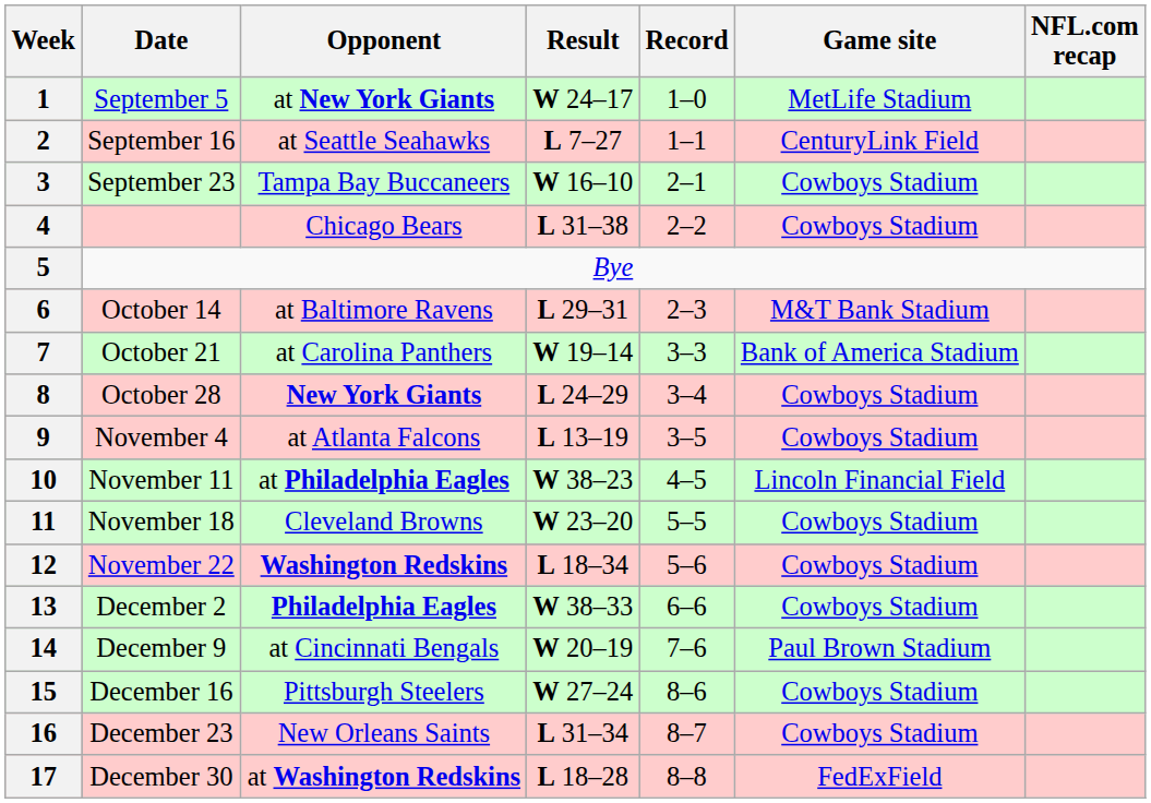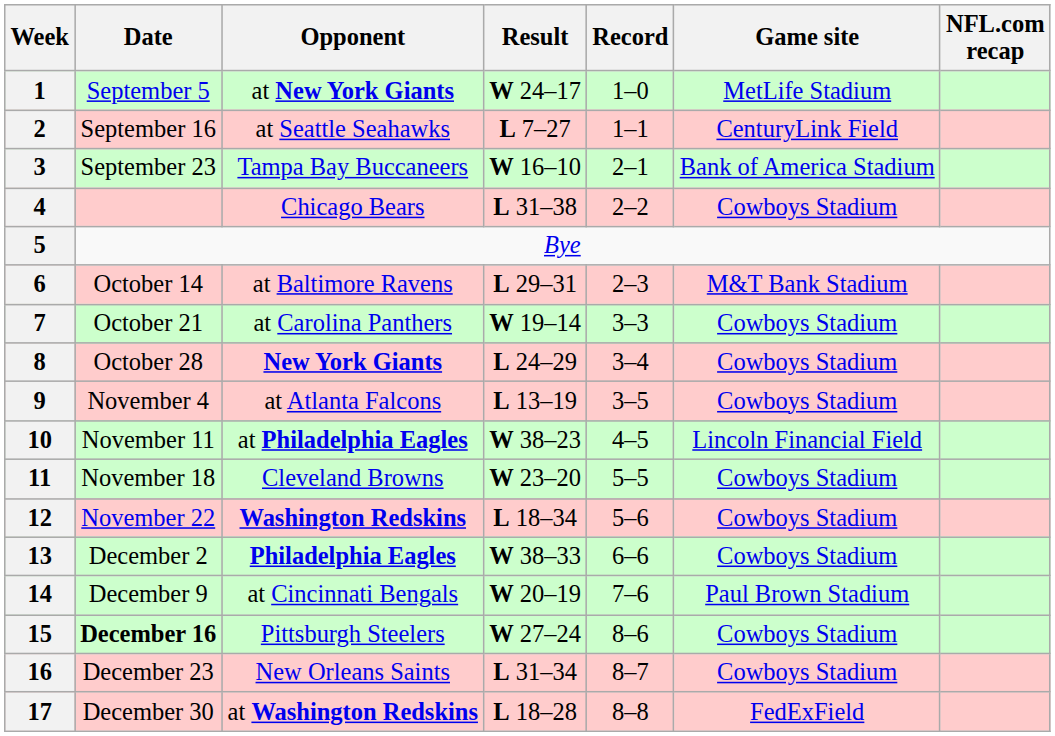 <table class="wikitable" style="text-align:center">
 <tr>
 <th>Week</th>
 <th>Date</th>
 <th>Opponent</th>
 <th>Result</th>
 <th>Record</th>
 <th>Game site</th>
 <th>NFL.com<br>recap</th>
 </tr>
 <tr style="background:#cfc; text-align:center;">
 <th>1</th>
 <td><a href='#'>September 5</a></td>
 <td>at <strong><a href='#'>New York Giants</a></strong></td>
 <td><strong>W</strong> 24–17</td>
 <td>1–0</td>
 <td><a href='#'>MetLife Stadium</a></td>
 <td></td>
 </tr>
 <tr style="background:#fcc; text-align:center;">
 <th>2</th>
 <td>September 16</td>
 <td>at <a href='#'>Seattle Seahawks</a></td>
 <td><strong>L</strong> 7–27</td>
 <td>1–1</td>
 <td><a href='#'>CenturyLink Field</a></td>
 <td></td>
 </tr>
 <tr style="background:#cfc; text-align:center;">
 <th>3</th>
 <td>September 23</td>
 <td><a href='#'>Tampa Bay Buccaneers</a></td>
 <td><strong>W</strong> 16–10</td>
 <td>2–1</td>
-<td><a href='#'>Cowboys Stadium</a></td>
+<td><a href='#'>Bank of America Stadium</a></td>
 <td></td>
 </tr>
 <tr style="background:#fcc; text-align:center;">
 <th>4</th>
 <td></td>
 <td><a href='#'>Chicago Bears</a></td>
 <td><strong>L</strong> 31–38</td>
 <td>2–2</td>
 <td><a href='#'>Cowboys Stadium</a></td>
 <td></td>
 </tr>
 <tr>
 <th>5</th>
 <td colspan="6" style="text-align:center;"><em><a href='#'>Bye</a></em></td>
 </tr>
 <tr style="background:#fcc; text-align:center;">
 <th>6</th>
 <td>October 14</td>
 <td>at <a href='#'>Baltimore Ravens</a></td>
 <td><strong>L</strong> 29–31</td>
 <td>2–3</td>
 <td><a href='#'>M&T Bank Stadium</a></td>
 <td></td>
 </tr>
 <tr style="background:#cfc; text-align:center;">
 <th>7</th>
 <td>October 21</td>
 <td>at <a href='#'>Carolina Panthers</a></td>
 <td><strong>W</strong> 19–14</td>
 <td>3–3</td>
-<td><a href='#'>Bank of America Stadium</a></td>
+<td><a href='#'>Cowboys Stadium</a></td>
 <td></td>
 </tr>
 <tr style="background:#fcc; text-align:center;">
 <th>8</th>
 <td>October 28</td>
 <td><strong><a href='#'>New York Giants</a></strong></td>
 <td><strong>L</strong> 24–29</td>
 <td>3–4</td>
 <td><a href='#'>Cowboys Stadium</a></td>
 <td></td>
 </tr>
 <tr style="background:#fcc; text-align:center;">
 <th>9</th>
 <td>November 4</td>
 <td>at <a href='#'>Atlanta Falcons</a></td>
 <td><strong>L</strong> 13–19</td>
 <td>3–5</td>
 <td><a href='#'>Cowboys Stadium</a></td>
 <td></td>
 </tr>
 <tr style="background:#cfc; text-align:center;">
 <th>10</th>
 <td>November 11</td>
 <td>at <strong><a href='#'>Philadelphia Eagles</a></strong></td>
 <td><strong>W</strong> 38–23</td>
 <td>4–5</td>
 <td><a href='#'>Lincoln Financial Field</a></td>
 <td></td>
 </tr>
 <tr style="background:#cfc; text-align:center;">
 <th>11</th>
 <td>November 18</td>
 <td><a href='#'>Cleveland Browns</a></td>
 <td><strong>W</strong> 23–20 </td>
 <td>5–5</td>
 <td><a href='#'>Cowboys Stadium</a></td>
 <td></td>
 </tr>
 <tr style="background:#fcc; text-align:center;">
 <th>12</th>
 <td><a href='#'>November 22</a></td>
 <td><strong><a href='#'>Washington Redskins</a></strong></td>
 <td><strong>L</strong> 18–34</td>
 <td>5–6</td>
 <td><a href='#'>Cowboys Stadium</a></td>
 <td></td>
 </tr>
 <tr style="background:#cfc; text-align:center;">
 <th>13</th>
 <td>December 2</td>
 <td><strong><a href='#'>Philadelphia Eagles</a></strong></td>
 <td><strong>W</strong> 38–33</td>
 <td>6–6</td>
 <td><a href='#'>Cowboys Stadium</a></td>
 <td></td>
 </tr>
 <tr style="background:#cfc; text-align:center;">
 <th>14</th>
 <td>December 9</td>
 <td>at <a href='#'>Cincinnati Bengals</a></td>
 <td><strong>W</strong> 20–19</td>
 <td>7–6</td>
 <td><a href='#'>Paul Brown Stadium</a></td>
 <td></td>
 </tr>
 <tr style="background:#cfc; text-align:center;">
 <th>15</th>
-<td>December 16</td>
+<td><strong>December 16</strong></td>
 <td><a href='#'>Pittsburgh Steelers</a></td>
 <td><strong>W</strong> 27–24 </td>
 <td>8–6</td>
 <td><a href='#'>Cowboys Stadium</a></td>
 <td></td>
 </tr>
 <tr style="background:#fcc; text-align:center;">
 <th>16</th>
 <td>December 23</td>
 <td><a href='#'>New Orleans Saints</a></td>
 <td><strong>L</strong> 31–34 </td>
 <td>8–7</td>
 <td><a href='#'>Cowboys Stadium</a></td>
 <td></td>
 </tr>
 <tr style="background:#fcc; text-align:center;">
 <th>17</th>
 <td>December 30</td>
 <td>at <strong><a href='#'>Washington Redskins</a></strong></td>
 <td><strong>L</strong> 18–28</td>
 <td>8–8</td>
 <td><a href='#'>FedExField</a></td>
 <td></td>
 </tr>
 <tr style="background:#fcc; text-align:center;">
 </tr>
 </table>
